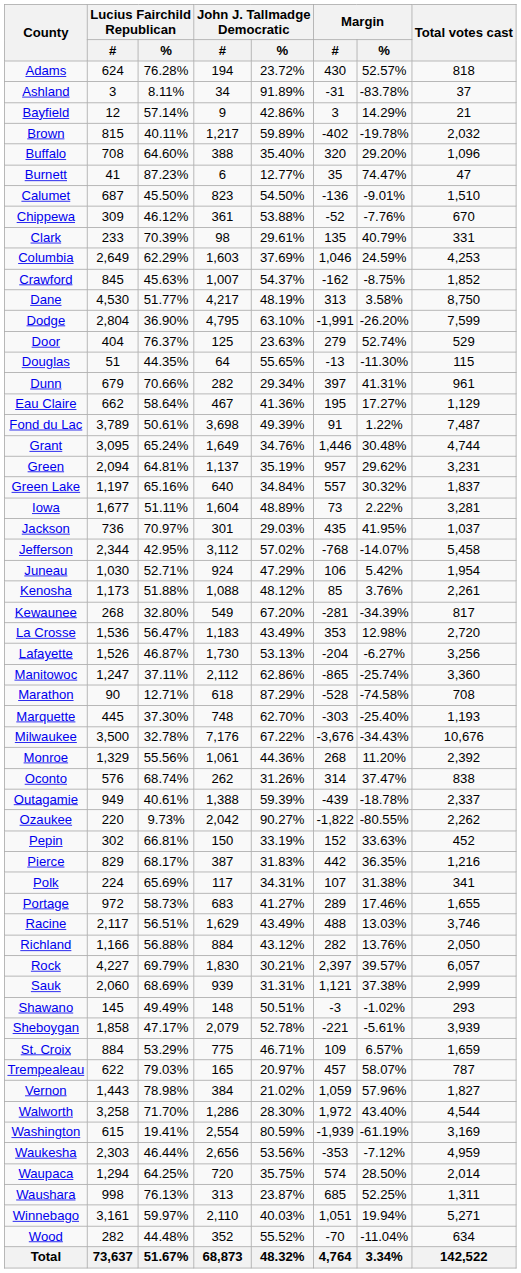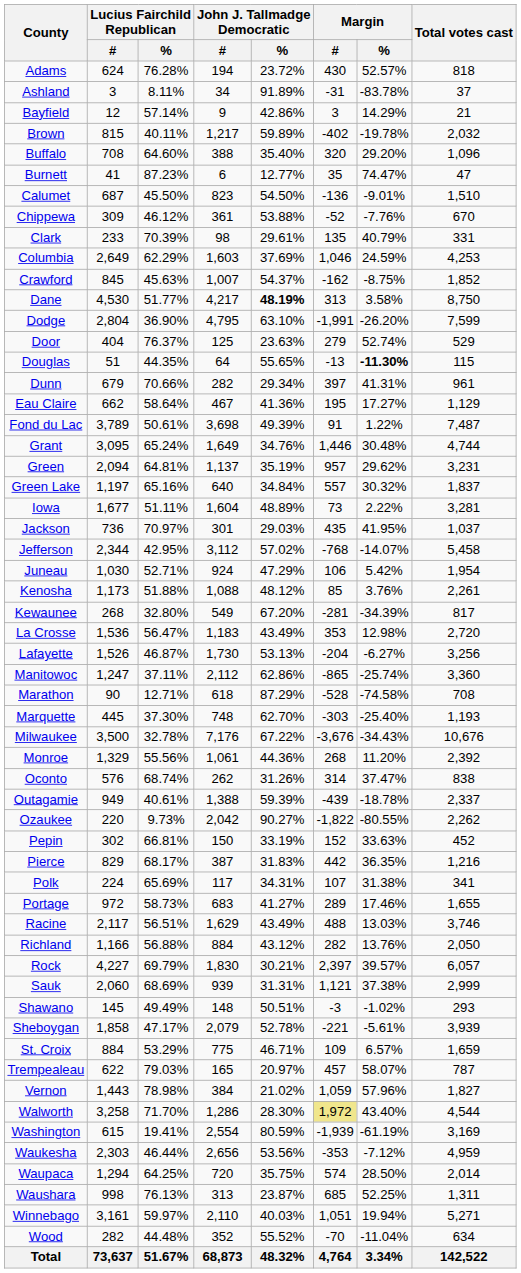 <table class="wikitable sortable" style="text-align:center">
 <tr>
 <th rowspan="2" style="text-align:center;">County</th>
 <th colspan="2" style="text-align:center;">Lucius Fairchild<br>Republican</th>
 <th colspan="2" style="text-align:center;">John J. Tallmadge<br>Democratic</th>
 <th colspan="2" style="text-align:center;">Margin</th>
 <th rowspan="2" style="text-align:center;">Total votes cast</th>
 </tr>
 <tr>
 <th style="text-align:center;" data-sort-type="number">#</th>
 <th style="text-align:center;" data-sort-type="number">%</th>
 <th style="text-align:center;" data-sort-type="number">#</th>
 <th style="text-align:center;" data-sort-type="number">%</th>
 <th style="text-align:center;" data-sort-type="number">#</th>
 <th style="text-align:center;" data-sort-type="number">%</th>
 </tr>
 <tr style="text-align:center;">
 <td><a href='#'>Adams</a></td>
 <td>624</td>
 <td>76.28%</td>
 <td>194</td>
 <td>23.72%</td>
 <td>430</td>
 <td>52.57%</td>
 <td>818</td>
 </tr>
 <tr style="text-align:center;">
 <td><a href='#'>Ashland</a></td>
 <td>3</td>
 <td>8.11%</td>
 <td>34</td>
 <td>91.89%</td>
 <td>-31</td>
 <td>-83.78%</td>
 <td>37</td>
 </tr>
 <tr style="text-align:center;">
 <td><a href='#'>Bayfield</a></td>
 <td>12</td>
 <td>57.14%</td>
 <td>9</td>
 <td>42.86%</td>
 <td>3</td>
 <td>14.29%</td>
 <td>21</td>
 </tr>
 <tr style="text-align:center;">
 <td><a href='#'>Brown</a></td>
 <td>815</td>
 <td>40.11%</td>
 <td>1,217</td>
 <td>59.89%</td>
 <td>-402</td>
 <td>-19.78%</td>
 <td>2,032</td>
 </tr>
 <tr style="text-align:center;">
 <td><a href='#'>Buffalo</a></td>
 <td>708</td>
 <td>64.60%</td>
 <td>388</td>
 <td>35.40%</td>
 <td>320</td>
 <td>29.20%</td>
 <td>1,096</td>
 </tr>
 <tr style="text-align:center;">
 <td><a href='#'>Burnett</a></td>
 <td>41</td>
 <td>87.23%</td>
 <td>6</td>
 <td>12.77%</td>
 <td>35</td>
 <td>74.47%</td>
 <td>47</td>
 </tr>
 <tr style="text-align:center;">
 <td><a href='#'>Calumet</a></td>
 <td>687</td>
 <td>45.50%</td>
 <td>823</td>
 <td>54.50%</td>
 <td>-136</td>
 <td>-9.01%</td>
 <td>1,510</td>
 </tr>
 <tr style="text-align:center;">
 <td><a href='#'>Chippewa</a></td>
 <td>309</td>
 <td>46.12%</td>
 <td>361</td>
 <td>53.88%</td>
 <td>-52</td>
 <td>-7.76%</td>
 <td>670</td>
 </tr>
 <tr style="text-align:center;">
 <td><a href='#'>Clark</a></td>
 <td>233</td>
 <td>70.39%</td>
 <td>98</td>
 <td>29.61%</td>
 <td>135</td>
 <td>40.79%</td>
 <td>331</td>
 </tr>
 <tr style="text-align:center;">
 <td><a href='#'>Columbia</a></td>
 <td>2,649</td>
 <td>62.29%</td>
 <td>1,603</td>
 <td>37.69%</td>
 <td>1,046</td>
 <td>24.59%</td>
 <td>4,253</td>
 </tr>
 <tr style="text-align:center;">
 <td><a href='#'>Crawford</a></td>
 <td>845</td>
 <td>45.63%</td>
 <td>1,007</td>
 <td>54.37%</td>
 <td>-162</td>
 <td>-8.75%</td>
 <td>1,852</td>
 </tr>
 <tr style="text-align:center;">
 <td><a href='#'>Dane</a></td>
 <td>4,530</td>
 <td>51.77%</td>
 <td>4,217</td>
-<td>48.19%</td>
+<td><strong>48.19%</strong></td>
 <td>313</td>
 <td>3.58%</td>
 <td>8,750</td>
 </tr>
 <tr style="text-align:center;">
 <td><a href='#'>Dodge</a></td>
 <td>2,804</td>
 <td>36.90%</td>
 <td>4,795</td>
 <td>63.10%</td>
 <td>-1,991</td>
 <td>-26.20%</td>
 <td>7,599</td>
 </tr>
 <tr style="text-align:center;">
 <td><a href='#'>Door</a></td>
 <td>404</td>
 <td>76.37%</td>
 <td>125</td>
 <td>23.63%</td>
 <td>279</td>
 <td>52.74%</td>
 <td>529</td>
 </tr>
 <tr style="text-align:center;">
 <td><a href='#'>Douglas</a></td>
 <td>51</td>
 <td>44.35%</td>
 <td>64</td>
 <td>55.65%</td>
 <td>-13</td>
-<td>-11.30%</td>
+<td><strong>-11.30%</strong></td>
 <td>115</td>
 </tr>
 <tr style="text-align:center;">
 <td><a href='#'>Dunn</a></td>
 <td>679</td>
 <td>70.66%</td>
 <td>282</td>
 <td>29.34%</td>
 <td>397</td>
 <td>41.31%</td>
 <td>961</td>
 </tr>
 <tr style="text-align:center;">
 <td><a href='#'>Eau Claire</a></td>
 <td>662</td>
 <td>58.64%</td>
 <td>467</td>
 <td>41.36%</td>
 <td>195</td>
 <td>17.27%</td>
 <td>1,129</td>
 </tr>
 <tr style="text-align:center;">
 <td><a href='#'>Fond du Lac</a></td>
 <td>3,789</td>
 <td>50.61%</td>
 <td>3,698</td>
 <td>49.39%</td>
 <td>91</td>
 <td>1.22%</td>
 <td>7,487</td>
 </tr>
 <tr style="text-align:center;">
 <td><a href='#'>Grant</a></td>
 <td>3,095</td>
 <td>65.24%</td>
 <td>1,649</td>
 <td>34.76%</td>
 <td>1,446</td>
 <td>30.48%</td>
 <td>4,744</td>
 </tr>
 <tr style="text-align:center;">
 <td><a href='#'>Green</a></td>
 <td>2,094</td>
 <td>64.81%</td>
 <td>1,137</td>
 <td>35.19%</td>
 <td>957</td>
 <td>29.62%</td>
 <td>3,231</td>
 </tr>
 <tr style="text-align:center;">
 <td><a href='#'>Green Lake</a></td>
 <td>1,197</td>
 <td>65.16%</td>
 <td>640</td>
 <td>34.84%</td>
 <td>557</td>
 <td>30.32%</td>
 <td>1,837</td>
 </tr>
 <tr style="text-align:center;">
 <td><a href='#'>Iowa</a></td>
 <td>1,677</td>
 <td>51.11%</td>
 <td>1,604</td>
 <td>48.89%</td>
 <td>73</td>
 <td>2.22%</td>
 <td>3,281</td>
 </tr>
 <tr style="text-align:center;">
 <td><a href='#'>Jackson</a></td>
 <td>736</td>
 <td>70.97%</td>
 <td>301</td>
 <td>29.03%</td>
 <td>435</td>
 <td>41.95%</td>
 <td>1,037</td>
 </tr>
 <tr style="text-align:center;">
 <td><a href='#'>Jefferson</a></td>
 <td>2,344</td>
 <td>42.95%</td>
 <td>3,112</td>
 <td>57.02%</td>
 <td>-768</td>
 <td>-14.07%</td>
 <td>5,458</td>
 </tr>
 <tr style="text-align:center;">
 <td><a href='#'>Juneau</a></td>
 <td>1,030</td>
 <td>52.71%</td>
 <td>924</td>
 <td>47.29%</td>
 <td>106</td>
 <td>5.42%</td>
 <td>1,954</td>
 </tr>
 <tr style="text-align:center;">
 <td><a href='#'>Kenosha</a></td>
 <td>1,173</td>
 <td>51.88%</td>
 <td>1,088</td>
 <td>48.12%</td>
 <td>85</td>
 <td>3.76%</td>
 <td>2,261</td>
 </tr>
 <tr style="text-align:center;">
 <td><a href='#'>Kewaunee</a></td>
 <td>268</td>
 <td>32.80%</td>
 <td>549</td>
 <td>67.20%</td>
 <td>-281</td>
 <td>-34.39%</td>
 <td>817</td>
 </tr>
 <tr style="text-align:center;">
 <td><a href='#'>La Crosse</a></td>
 <td>1,536</td>
 <td>56.47%</td>
 <td>1,183</td>
 <td>43.49%</td>
 <td>353</td>
 <td>12.98%</td>
 <td>2,720</td>
 </tr>
 <tr style="text-align:center;">
 <td><a href='#'>Lafayette</a></td>
 <td>1,526</td>
 <td>46.87%</td>
 <td>1,730</td>
 <td>53.13%</td>
 <td>-204</td>
 <td>-6.27%</td>
 <td>3,256</td>
 </tr>
 <tr style="text-align:center;">
 <td><a href='#'>Manitowoc</a></td>
 <td>1,247</td>
 <td>37.11%</td>
 <td>2,112</td>
 <td>62.86%</td>
 <td>-865</td>
 <td>-25.74%</td>
 <td>3,360</td>
 </tr>
 <tr style="text-align:center;">
 <td><a href='#'>Marathon</a></td>
 <td>90</td>
 <td>12.71%</td>
 <td>618</td>
 <td>87.29%</td>
 <td>-528</td>
 <td>-74.58%</td>
 <td>708</td>
 </tr>
 <tr style="text-align:center;">
 <td><a href='#'>Marquette</a></td>
 <td>445</td>
 <td>37.30%</td>
 <td>748</td>
 <td>62.70%</td>
 <td>-303</td>
 <td>-25.40%</td>
 <td>1,193</td>
 </tr>
 <tr style="text-align:center;">
 <td><a href='#'>Milwaukee</a></td>
 <td>3,500</td>
 <td>32.78%</td>
 <td>7,176</td>
 <td>67.22%</td>
 <td>-3,676</td>
 <td>-34.43%</td>
 <td>10,676</td>
 </tr>
 <tr style="text-align:center;">
 <td><a href='#'>Monroe</a></td>
 <td>1,329</td>
 <td>55.56%</td>
 <td>1,061</td>
 <td>44.36%</td>
 <td>268</td>
 <td>11.20%</td>
 <td>2,392</td>
 </tr>
 <tr style="text-align:center;">
 <td><a href='#'>Oconto</a></td>
 <td>576</td>
 <td>68.74%</td>
 <td>262</td>
 <td>31.26%</td>
 <td>314</td>
 <td>37.47%</td>
 <td>838</td>
 </tr>
 <tr style="text-align:center;">
 <td><a href='#'>Outagamie</a></td>
 <td>949</td>
 <td>40.61%</td>
 <td>1,388</td>
 <td>59.39%</td>
 <td>-439</td>
 <td>-18.78%</td>
 <td>2,337</td>
 </tr>
 <tr style="text-align:center;">
 <td><a href='#'>Ozaukee</a></td>
 <td>220</td>
 <td>9.73%</td>
 <td>2,042</td>
 <td>90.27%</td>
 <td>-1,822</td>
 <td>-80.55%</td>
 <td>2,262</td>
 </tr>
 <tr style="text-align:center;">
 <td><a href='#'>Pepin</a></td>
 <td>302</td>
 <td>66.81%</td>
 <td>150</td>
 <td>33.19%</td>
 <td>152</td>
 <td>33.63%</td>
 <td>452</td>
 </tr>
 <tr style="text-align:center;">
 <td><a href='#'>Pierce</a></td>
 <td>829</td>
 <td>68.17%</td>
 <td>387</td>
 <td>31.83%</td>
 <td>442</td>
 <td>36.35%</td>
 <td>1,216</td>
 </tr>
 <tr style="text-align:center;">
 <td><a href='#'>Polk</a></td>
 <td>224</td>
 <td>65.69%</td>
 <td>117</td>
 <td>34.31%</td>
 <td>107</td>
 <td>31.38%</td>
 <td>341</td>
 </tr>
 <tr style="text-align:center;">
 <td><a href='#'>Portage</a></td>
 <td>972</td>
 <td>58.73%</td>
 <td>683</td>
 <td>41.27%</td>
 <td>289</td>
 <td>17.46%</td>
 <td>1,655</td>
 </tr>
 <tr style="text-align:center;">
 <td><a href='#'>Racine</a></td>
 <td>2,117</td>
 <td>56.51%</td>
 <td>1,629</td>
 <td>43.49%</td>
 <td>488</td>
 <td>13.03%</td>
 <td>3,746</td>
 </tr>
 <tr style="text-align:center;">
 <td><a href='#'>Richland</a></td>
 <td>1,166</td>
 <td>56.88%</td>
 <td>884</td>
 <td>43.12%</td>
 <td>282</td>
 <td>13.76%</td>
 <td>2,050</td>
 </tr>
 <tr style="text-align:center;">
 <td><a href='#'>Rock</a></td>
 <td>4,227</td>
 <td>69.79%</td>
 <td>1,830</td>
 <td>30.21%</td>
 <td>2,397</td>
 <td>39.57%</td>
 <td>6,057</td>
 </tr>
 <tr style="text-align:center;">
 <td><a href='#'>Sauk</a></td>
 <td>2,060</td>
 <td>68.69%</td>
 <td>939</td>
 <td>31.31%</td>
 <td>1,121</td>
 <td>37.38%</td>
 <td>2,999</td>
 </tr>
 <tr style="text-align:center;">
 <td><a href='#'>Shawano</a></td>
 <td>145</td>
 <td>49.49%</td>
 <td>148</td>
 <td>50.51%</td>
 <td>-3</td>
 <td>-1.02%</td>
 <td>293</td>
 </tr>
 <tr style="text-align:center;">
 <td><a href='#'>Sheboygan</a></td>
 <td>1,858</td>
 <td>47.17%</td>
 <td>2,079</td>
 <td>52.78%</td>
 <td>-221</td>
 <td>-5.61%</td>
 <td>3,939</td>
 </tr>
 <tr style="text-align:center;">
 <td><a href='#'>St. Croix</a></td>
 <td>884</td>
 <td>53.29%</td>
 <td>775</td>
 <td>46.71%</td>
 <td>109</td>
 <td>6.57%</td>
 <td>1,659</td>
 </tr>
 <tr style="text-align:center;">
 <td><a href='#'>Trempealeau</a></td>
 <td>622</td>
 <td>79.03%</td>
 <td>165</td>
 <td>20.97%</td>
 <td>457</td>
 <td>58.07%</td>
 <td>787</td>
 </tr>
 <tr style="text-align:center;">
 <td><a href='#'>Vernon</a></td>
 <td>1,443</td>
 <td>78.98%</td>
 <td>384</td>
 <td>21.02%</td>
 <td>1,059</td>
 <td>57.96%</td>
 <td>1,827</td>
 </tr>
 <tr style="text-align:center;">
 <td><a href='#'>Walworth</a></td>
 <td>3,258</td>
 <td>71.70%</td>
 <td>1,286</td>
 <td>28.30%</td>
-<td>1,972</td>
+<td style="background: khaki;">1,972</td>
 <td>43.40%</td>
 <td>4,544</td>
 </tr>
 <tr style="text-align:center;">
 <td><a href='#'>Washington</a></td>
 <td>615</td>
 <td>19.41%</td>
 <td>2,554</td>
 <td>80.59%</td>
 <td>-1,939</td>
 <td>-61.19%</td>
 <td>3,169</td>
 </tr>
 <tr style="text-align:center;">
 <td><a href='#'>Waukesha</a></td>
 <td>2,303</td>
 <td>46.44%</td>
 <td>2,656</td>
 <td>53.56%</td>
 <td>-353</td>
 <td>-7.12%</td>
 <td>4,959</td>
 </tr>
 <tr style="text-align:center;">
 <td><a href='#'>Waupaca</a></td>
 <td>1,294</td>
 <td>64.25%</td>
 <td>720</td>
 <td>35.75%</td>
 <td>574</td>
 <td>28.50%</td>
 <td>2,014</td>
 </tr>
 <tr style="text-align:center;">
 <td><a href='#'>Waushara</a></td>
 <td>998</td>
 <td>76.13%</td>
 <td>313</td>
 <td>23.87%</td>
 <td>685</td>
 <td>52.25%</td>
 <td>1,311</td>
 </tr>
 <tr style="text-align:center;">
 <td><a href='#'>Winnebago</a></td>
 <td>3,161</td>
 <td>59.97%</td>
 <td>2,110</td>
 <td>40.03%</td>
 <td>1,051</td>
 <td>19.94%</td>
 <td>5,271</td>
 </tr>
 <tr style="text-align:center;">
 <td><a href='#'>Wood</a></td>
 <td>282</td>
 <td>44.48%</td>
 <td>352</td>
 <td>55.52%</td>
 <td>-70</td>
 <td>-11.04%</td>
 <td>634</td>
 </tr>
 <tr>
 <th>Total</th>
 <th>73,637</th>
 <th>51.67%</th>
 <th>68,873</th>
 <th>48.32%</th>
 <th>4,764</th>
 <th>3.34%</th>
 <th>142,522</th>
 </tr>
 </table>
